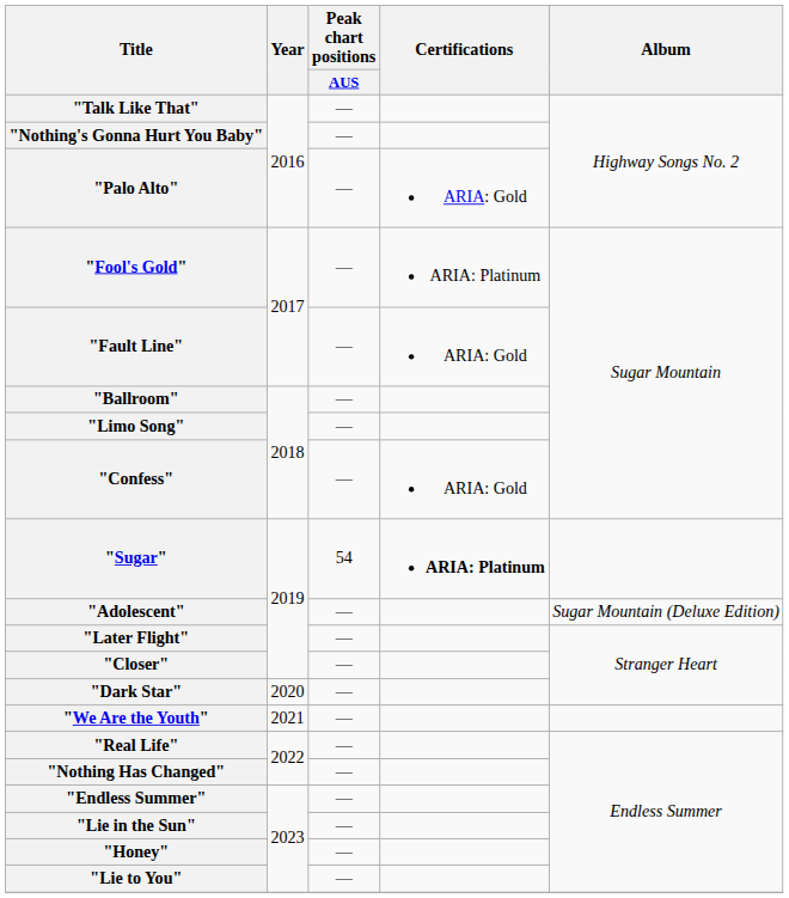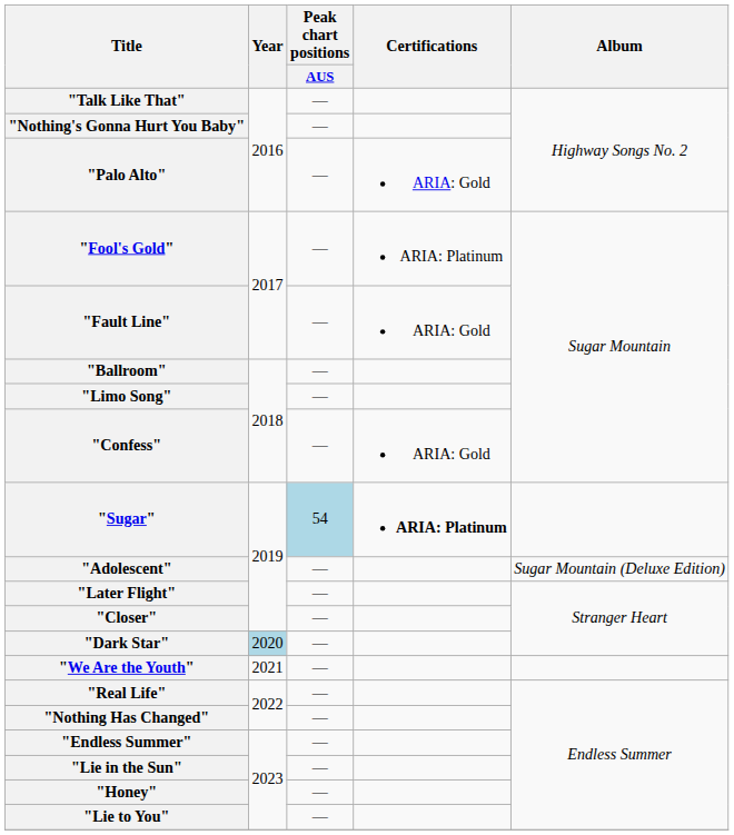 <table class="wikitable plainrowheaders" style="text-align:center;">
 <tr>
 <th scope="col" rowspan="2">Title</th>
 <th scope="col" rowspan="2">Year</th>
 <th scope="col" colspan="1">Peak chart positions</th>
 <th scope="col" rowspan="2">Certifications</th>
 <th scope="col" rowspan="2">Album</th>
 </tr>
 <tr>
 <th scope="col" style="width:3em;font-size:90%;"><a href='#'>AUS</a><br></th>
 </tr>
 <tr>
 <th scope="row">"Talk Like That"</th>
 <td rowspan="3">2016</td>
 <td>—</td>
 <td></td>
 <td rowspan="3"><em>Highway Songs No. 2</em></td>
 </tr>
 <tr>
 <th scope="row">"Nothing's Gonna Hurt You Baby"</th>
 <td>—</td>
 <td></td>
 </tr>
 <tr>
 <th scope="row">"Palo Alto"</th>
 <td>—</td>
 <td><br><ul><li><a href='#'>ARIA</a>: Gold</li></ul></td>
 </tr>
 <tr>
 <th scope="row">"<a href='#'>Fool's Gold</a>"</th>
 <td rowspan="2">2017</td>
 <td>—</td>
 <td><br><ul><li>ARIA: Platinum</li></ul></td>
 <td rowspan="5"><em>Sugar Mountain</em></td>
 </tr>
 <tr>
 <th scope="row">"Fault Line"</th>
 <td>—</td>
 <td><br><ul><li>ARIA: Gold</li></ul></td>
 </tr>
 <tr>
 <th scope="row">"Ballroom"</th>
 <td rowspan="3">2018</td>
 <td>—</td>
 <td></td>
 </tr>
 <tr>
 <th scope="row">"Limo Song"</th>
 <td>—</td>
 <td></td>
 </tr>
 <tr>
 <th scope="row">"Confess"</th>
 <td>—</td>
 <td><br><ul><li>ARIA: Gold</li></ul></td>
 </tr>
 <tr>
 <th scope="row">"<a href='#'>Sugar</a>" </th>
 <td rowspan="4">2019</td>
-<td>54</td>
+<td style="background: lightblue;">54</td>
 <td><strong><br><ul><li>ARIA: Platinum</li></ul></strong></td>
 <td></td>
 </tr>
 <tr>
 <th scope="row">"Adolescent"</th>
 <td>—</td>
 <td></td>
 <td><em>Sugar Mountain (Deluxe Edition)</em></td>
 </tr>
 <tr>
 <th scope="row">"Later Flight"</th>
 <td>—</td>
 <td></td>
 <td rowspan="3"><em>Stranger Heart</em></td>
 </tr>
 <tr>
 <th scope="row">"Closer"</th>
 <td>—</td>
 <td></td>
 </tr>
 <tr>
 <th scope="row">"Dark Star"</th>
-<td>2020</td>
+<td style="background: lightblue;">2020</td>
 <td>—</td>
 <td></td>
 </tr>
 <tr>
 <th scope="row">"<a href='#'>We Are the Youth</a>"</th>
 <td>2021</td>
 <td>—</td>
 <td></td>
 <td></td>
 </tr>
 <tr>
 <th scope="row">"Real Life"</th>
 <td rowspan="2">2022</td>
 <td>—</td>
 <td></td>
 <td rowspan="6"><em>Endless Summer</em></td>
 </tr>
 <tr>
 <th scope="row">"Nothing Has Changed"</th>
 <td>—</td>
 <td></td>
 </tr>
 <tr>
 <th scope="row">"Endless Summer" </th>
 <td rowspan="4">2023</td>
 <td>—</td>
 <td></td>
 </tr>
 <tr>
 <th scope="row">"Lie in the Sun"</th>
 <td>—</td>
 <td></td>
 </tr>
 <tr>
 <th scope="row">"Honey"</th>
 <td>—</td>
 <td></td>
 </tr>
 <tr>
 <th scope="row">"Lie to You"</th>
 <td>—</td>
 <td></td>
 </tr>
 <tr>
 </tr>
 </table>
